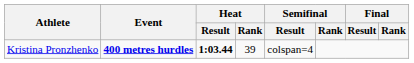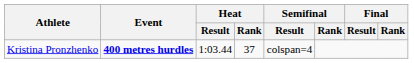 <table class="wikitable" style="font-size:90%">
 <tr>
 <th rowspan="2">Athlete</th>
 <th rowspan="2">Event</th>
 <th colspan="2">Heat</th>
 <th colspan="2">Semifinal</th>
 <th colspan="2">Final</th>
 </tr>
 <tr style="font-size:95%">
 <th>Result</th>
 <th>Rank</th>
 <th>Result</th>
 <th>Rank</th>
 <th>Result</th>
 <th>Rank</th>
 </tr>
 <tr style=text-align:center>
 <td style=text-align:left><a href='#'>Kristina Pronzhenko</a></td>
 <td style=text-align:left><strong><a href='#'>400 metres hurdles</a></strong></td>
-<td><strong>1:03.44</strong></td>
-<td>39</td>
+<td>1:03.44</td>
+<td>37</td>
 <td>colspan=4 </td>
 </tr>
 </table>
